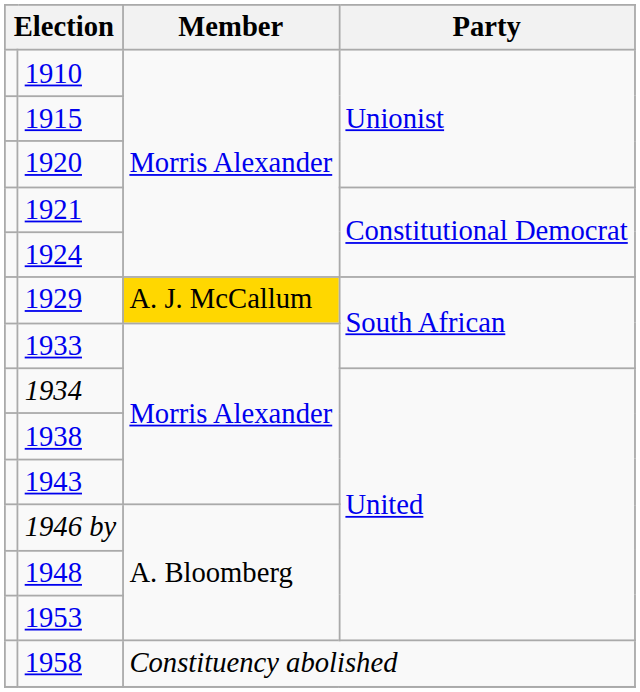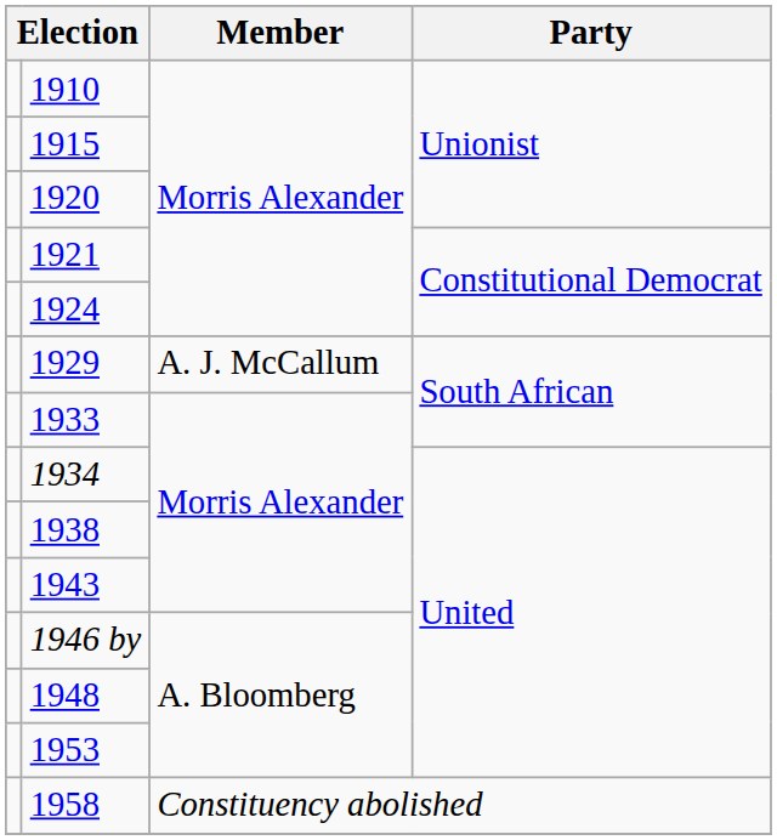 <table class="wikitable">
 <tr>
 <th colspan="2">Election</th>
 <th>Member</th>
 <th>Party</th>
 </tr>
 <tr>
 <td style="background-color: "></td>
 <td><a href='#'>1910</a></td>
 <td rowspan="5"><a href='#'>Morris Alexander</a></td>
 <td rowspan="3"><a href='#'>Unionist</a></td>
 </tr>
 <tr>
 <td style="background-color: "></td>
 <td><a href='#'>1915</a></td>
 </tr>
 <tr>
 <td style="background-color: "></td>
 <td><a href='#'>1920</a></td>
 </tr>
 <tr>
 <td style="background-color: "></td>
 <td><a href='#'>1921</a></td>
 <td rowspan="2"><a href='#'>Constitutional Democrat</a></td>
 </tr>
 <tr>
 <td style="background-color: "></td>
 <td><a href='#'>1924</a></td>
 </tr>
 <tr>
 <td style="background-color: "></td>
 <td><a href='#'>1929</a></td>
-<td style="background: gold;">A. J. McCallum</td>
+<td>A. J. McCallum</td>
 <td rowspan="2"><a href='#'>South African</a></td>
 </tr>
 <tr>
 <td style="background-color: "></td>
 <td><a href='#'>1933</a></td>
 <td rowspan="4"><a href='#'>Morris Alexander</a></td>
 </tr>
 <tr>
 <td style="background-color: "></td>
 <td><em>1934</em></td>
 <td rowspan="6"><a href='#'>United</a></td>
 </tr>
 <tr>
 <td style="background-color: "></td>
 <td><a href='#'>1938</a></td>
 </tr>
 <tr>
 <td style="background-color: "></td>
 <td><a href='#'>1943</a></td>
 </tr>
 <tr>
 <td style="background-color: "></td>
 <td><em>1946 by</em></td>
 <td rowspan="3">A. Bloomberg</td>
 </tr>
 <tr>
 <td style="background-color: "></td>
 <td><a href='#'>1948</a></td>
 </tr>
 <tr>
 <td style="background-color: "></td>
 <td><a href='#'>1953</a></td>
 </tr>
 <tr>
 <td style="background-color: "></td>
 <td><a href='#'>1958</a></td>
 <td colspan="2"><em>Constituency abolished</em></td>
 </tr>
 <tr>
 </tr>
 </table>
